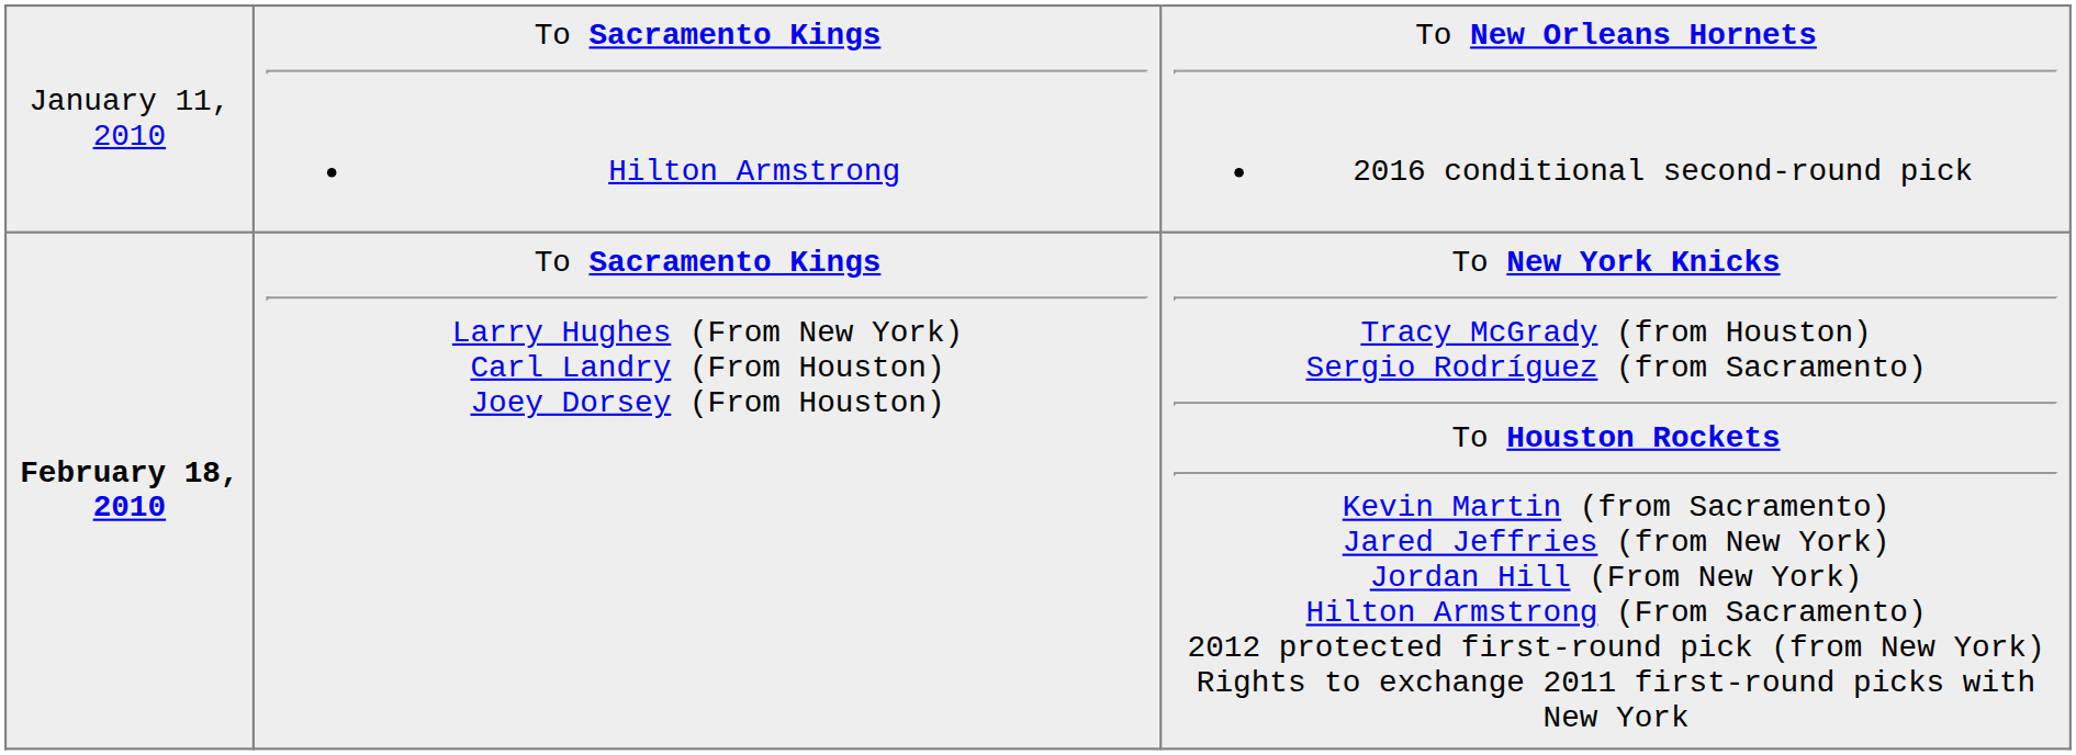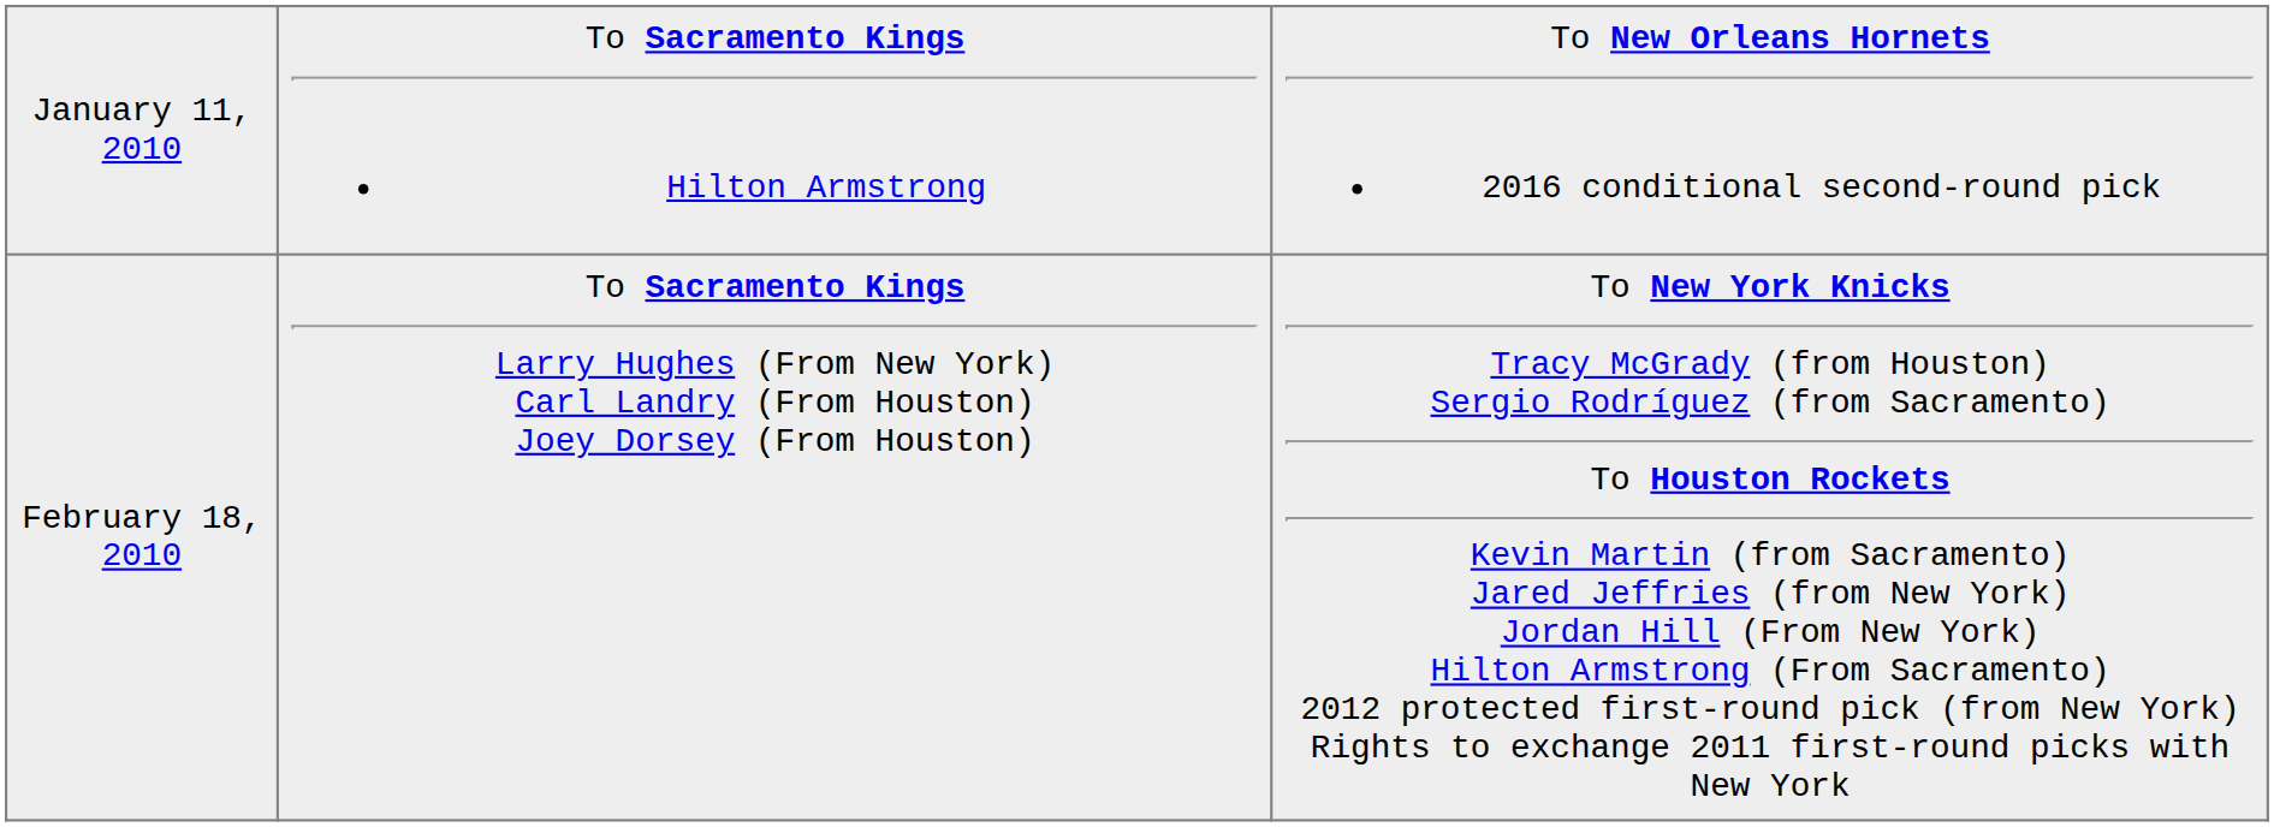 <table border="1" style="border-collapse:collapse; text-align:center; width:100%;"  cellpadding="5">
 <tr style="background:#eee;">
 <td style="width:12%">January 11, <a href='#'>2010</a></td>
 <td style="width:30%; vertical-align:top;">To <strong><a href='#'>Sacramento Kings</a></strong><hr><br><ul><li><a href='#'>Hilton Armstrong</a></li></ul></td>
 <td style="width:30%; vertical-align:top;">To <strong><a href='#'>New Orleans Hornets</a></strong><hr><br><ul><li>2016 conditional second-round pick</li></ul></td>
 </tr>
 <tr style="background:#eee;">
-<td style="width:12%"><strong>February 18, <a href='#'>2010</a></strong></td>
+<td style="width:12%">February 18, <a href='#'>2010</a></td>
 <td style="width:44%; vertical-align:top;">To <strong><a href='#'>Sacramento Kings</a></strong><hr><a href='#'>Larry Hughes</a> (From New York)<br><a href='#'>Carl Landry</a> (From Houston)<br><a href='#'>Joey Dorsey</a> (From Houston)</td>
 <td style="width:44%; vertical-align:top;">To <strong><a href='#'>New York Knicks</a></strong><hr><a href='#'>Tracy McGrady</a> (from Houston)<br><a href='#'>Sergio Rodríguez</a> (from Sacramento)<hr>To <strong><a href='#'>Houston Rockets</a></strong><hr><a href='#'>Kevin Martin</a> (from Sacramento)<br><a href='#'>Jared Jeffries</a> (from New York)<br><a href='#'>Jordan Hill</a> (From New York)<br><a href='#'>Hilton Armstrong</a> (From Sacramento)<br>2012 protected first-round pick (from New York)<br>Rights to exchange 2011 first-round picks with New York</td>
 </tr>
 </table>
